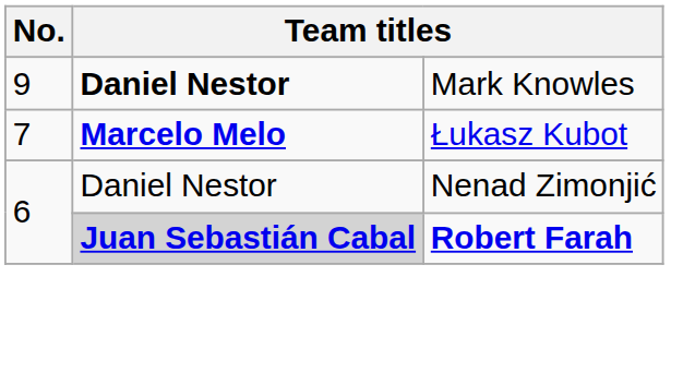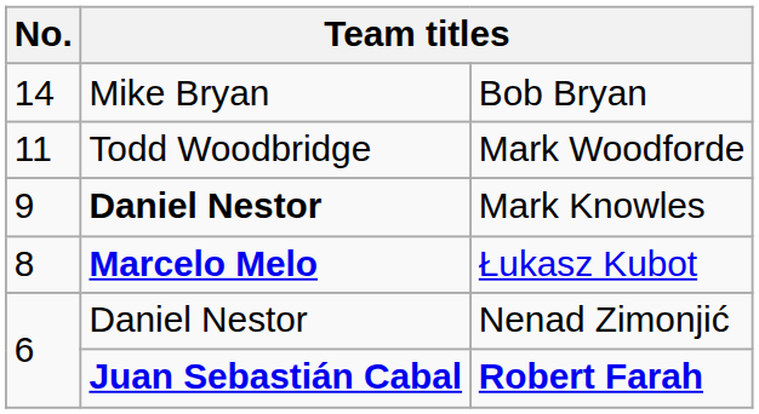 <table class="wikitable" style="display: inline-table;">
 <tr>
 <th width=20>No.</th>
 <th colspan=2>Team titles</th>
+</tr>
+<tr>
+<td>14</td>
+<td> Mike Bryan</td>
+<td> Bob Bryan</td>
+</tr>
+<tr>
+<td>11</td>
+<td> Todd Woodbridge</td>
+<td> Mark Woodforde</td>
 </tr>
 <tr>
 <td>9</td>
 <td><strong> Daniel Nestor</strong></td>
 <td> Mark Knowles</td>
 </tr>
 <tr>
-<td>7</td>
+<td>8</td>
 <td> <strong><a href='#'>Marcelo Melo</a></strong></td>
 <td> <a href='#'>Łukasz Kubot</a></td>
 </tr>
 <tr>
 <td rowspan="2">6</td>
 <td> Daniel Nestor</td>
 <td> Nenad Zimonjić</td>
 </tr>
 <tr>
-<td style="background: lightgrey;"><strong> <a href='#'>Juan Sebastián Cabal</a></strong></td>
+<td><strong> <a href='#'>Juan Sebastián Cabal</a></strong></td>
 <td><strong> <a href='#'>Robert Farah</a></strong></td>
 </tr>
 </table>
